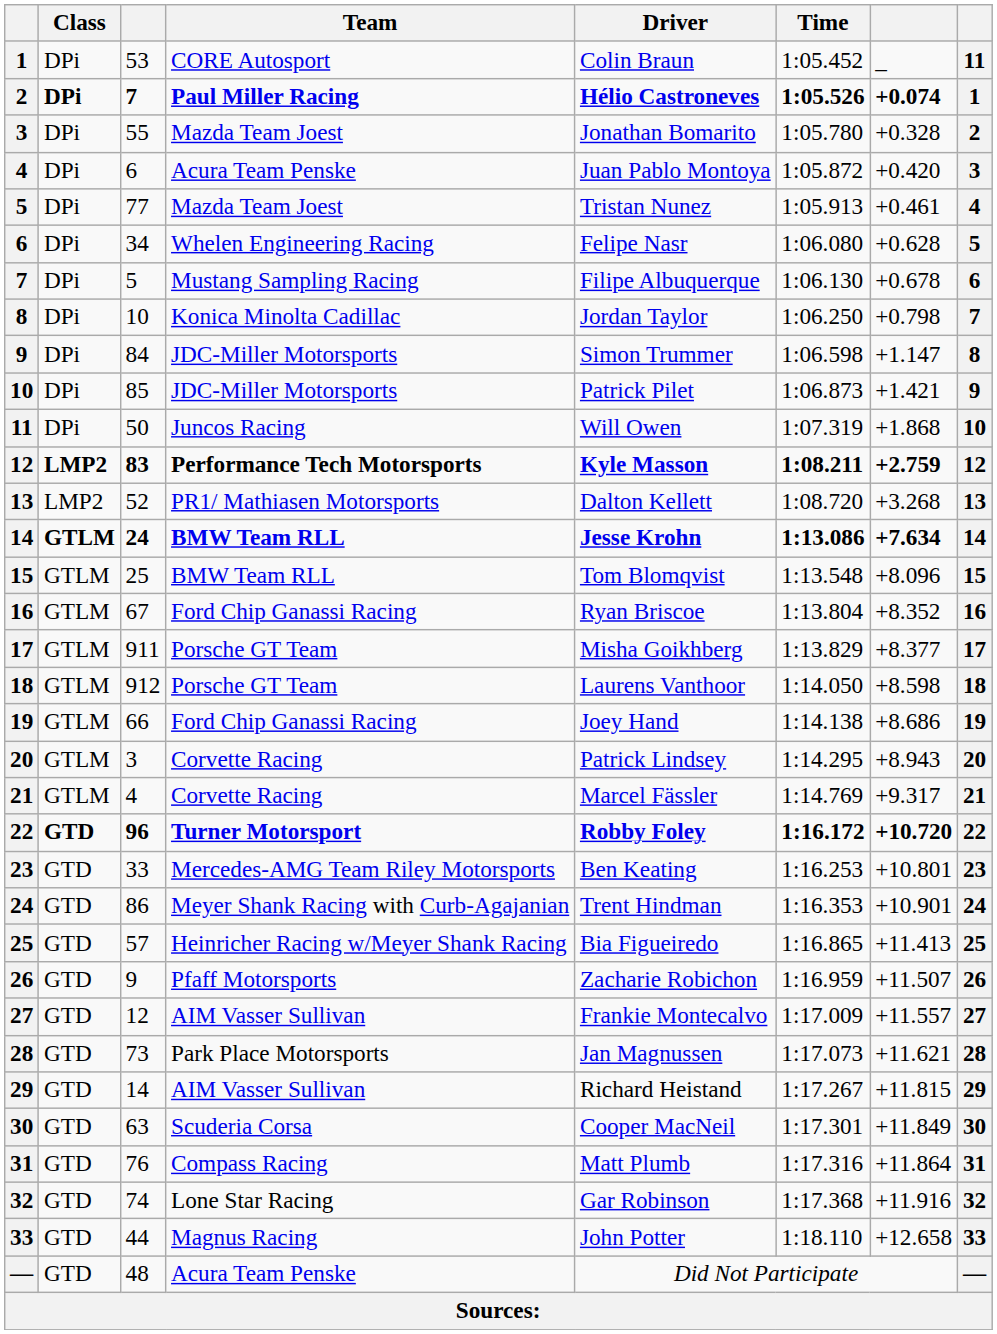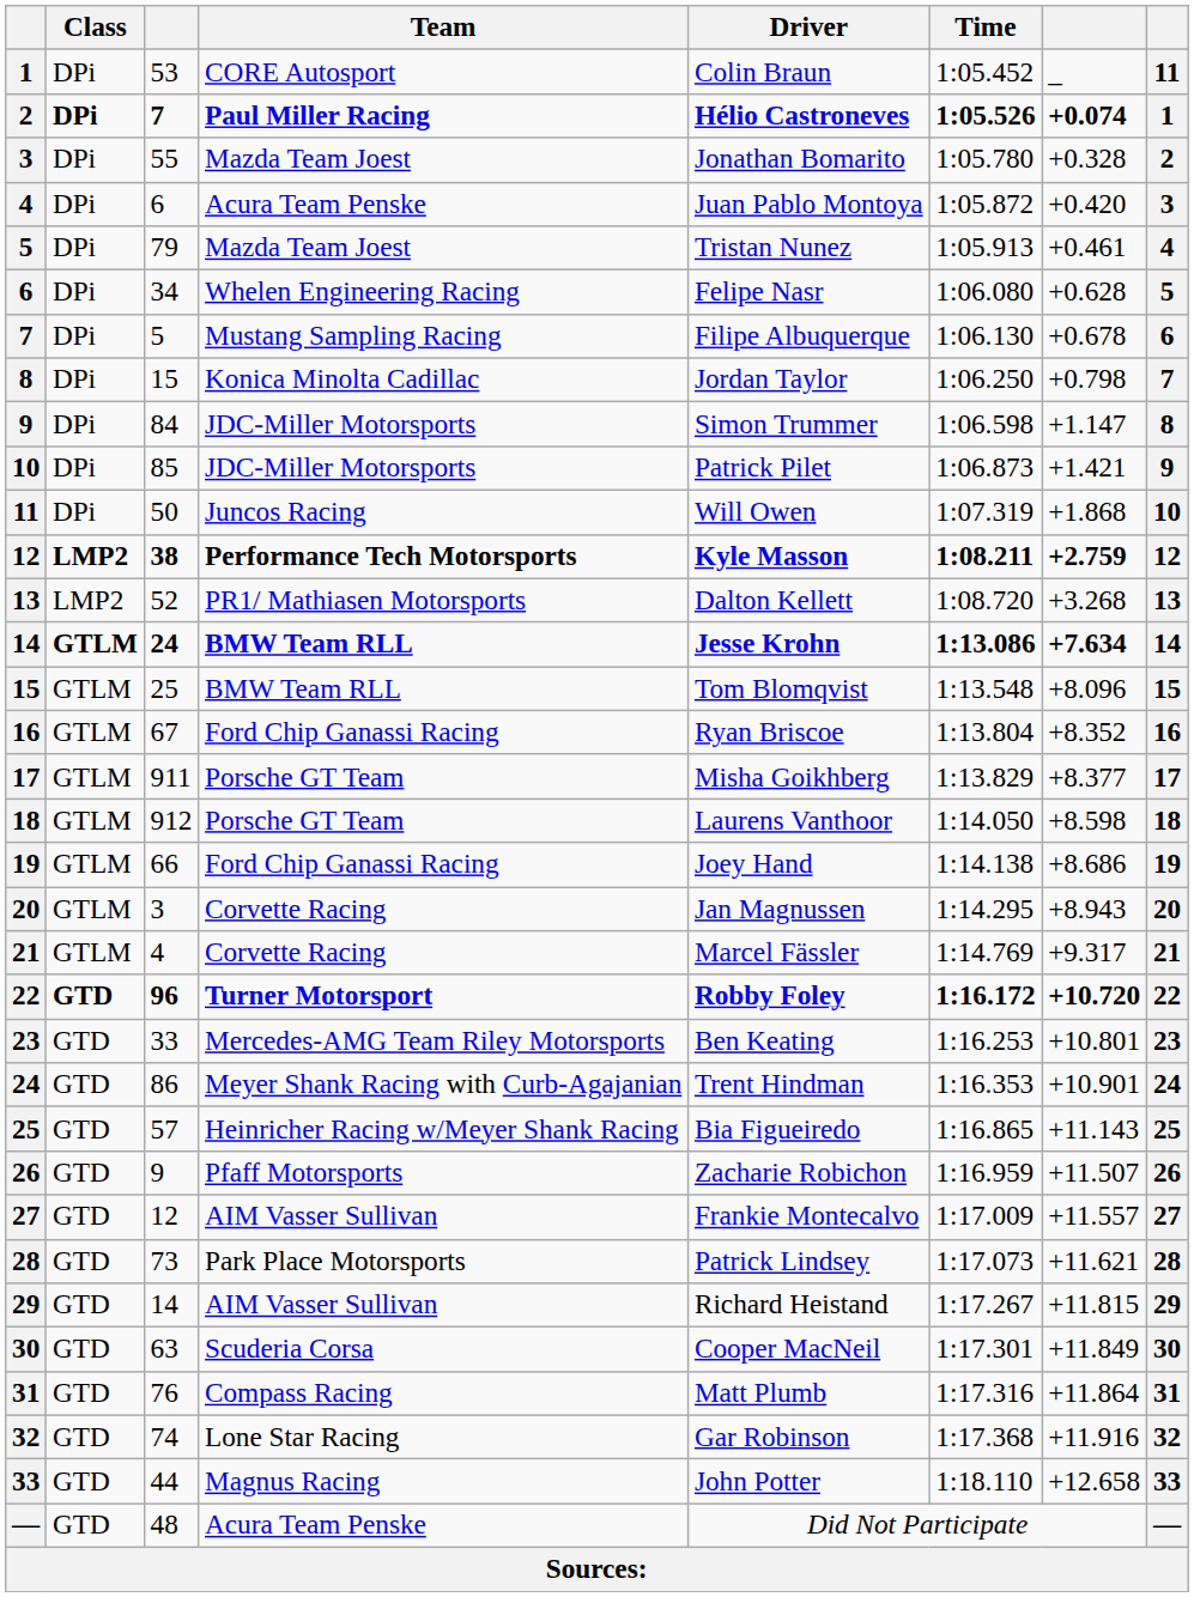 <table class="wikitable">
 <tr>
 <th scope="col"></th>
 <th scope="col">Class</th>
 <th scope="col"></th>
 <th scope="col">Team</th>
 <th scope="col">Driver</th>
 <th scope="col">Time</th>
 <th scope="col"></th>
 <th scope="col"></th>
 </tr>
 <tr>
 <th scope="row">1</th>
 <td>DPi</td>
 <td>53</td>
 <td> <a href='#'>CORE Autosport</a></td>
 <td> <a href='#'>Colin Braun</a></td>
 <td>1:05.452</td>
 <td>_</td>
 <th>11</th>
 </tr>
 <tr style="font-weight:bold">
 <th scope="row">2</th>
 <td>DPi</td>
 <td>7</td>
 <td> <a href='#'>Paul Miller Racing</a></td>
 <td> <a href='#'>Hélio Castroneves</a></td>
 <td>1:05.526</td>
 <td>+0.074</td>
 <th>1</th>
 </tr>
 <tr>
 <th scope="row">3</th>
 <td>DPi</td>
 <td>55</td>
 <td> <a href='#'>Mazda Team Joest</a></td>
 <td> <a href='#'>Jonathan Bomarito</a></td>
 <td>1:05.780</td>
 <td>+0.328</td>
 <th>2</th>
 </tr>
 <tr>
 <th scope="row">4</th>
 <td>DPi</td>
 <td>6</td>
 <td> <a href='#'>Acura Team Penske</a></td>
 <td> <a href='#'>Juan Pablo Montoya</a></td>
 <td>1:05.872</td>
 <td>+0.420</td>
 <th>3</th>
 </tr>
 <tr>
 <th scope="row">5</th>
 <td>DPi</td>
-<td>77</td>
+<td>79</td>
 <td> <a href='#'>Mazda Team Joest</a></td>
 <td> <a href='#'>Tristan Nunez</a></td>
 <td>1:05.913</td>
 <td>+0.461</td>
 <th>4</th>
 </tr>
 <tr>
 <th scope="row">6</th>
 <td>DPi</td>
 <td>34</td>
 <td> <a href='#'>Whelen Engineering Racing</a></td>
 <td> <a href='#'>Felipe Nasr</a></td>
 <td>1:06.080</td>
 <td>+0.628</td>
 <th>5</th>
 </tr>
 <tr>
 <th scope="row">7</th>
 <td>DPi</td>
 <td>5</td>
 <td> <a href='#'>Mustang Sampling Racing</a></td>
 <td> <a href='#'>Filipe Albuquerque</a></td>
 <td>1:06.130</td>
 <td>+0.678</td>
 <th>6</th>
 </tr>
 <tr>
 <th scope="row">8</th>
 <td>DPi</td>
-<td>10</td>
+<td>15</td>
 <td> <a href='#'>Konica Minolta Cadillac</a></td>
 <td> <a href='#'>Jordan Taylor</a></td>
 <td>1:06.250</td>
 <td>+0.798</td>
 <th>7</th>
 </tr>
 <tr>
 <th scope="row">9</th>
 <td>DPi</td>
 <td>84</td>
 <td> <a href='#'>JDC-Miller Motorsports</a></td>
 <td> <a href='#'>Simon Trummer</a></td>
 <td>1:06.598</td>
 <td>+1.147</td>
 <th>8</th>
 </tr>
 <tr>
 <th scope="row">10</th>
 <td>DPi</td>
 <td>85</td>
 <td> <a href='#'>JDC-Miller Motorsports</a></td>
 <td> <a href='#'>Patrick Pilet</a></td>
 <td>1:06.873</td>
 <td>+1.421</td>
 <th>9</th>
 </tr>
 <tr>
 <th scope="row">11</th>
 <td>DPi</td>
 <td>50</td>
 <td> <a href='#'>Juncos Racing</a></td>
 <td> <a href='#'>Will Owen</a></td>
 <td>1:07.319</td>
 <td>+1.868</td>
 <th>10</th>
 </tr>
 <tr style="font-weight:bold">
 <th scope="row">12</th>
 <td>LMP2</td>
-<td>83</td>
+<td>38</td>
 <td> Performance Tech Motorsports</td>
 <td> <a href='#'>Kyle Masson</a></td>
 <td>1:08.211</td>
 <td>+2.759</td>
 <th><strong>12</strong></th>
 </tr>
 <tr>
 <th scope="row">13</th>
 <td>LMP2</td>
 <td>52</td>
 <td> <a href='#'>PR1/ Mathiasen Motorsports</a></td>
 <td> <a href='#'>Dalton Kellett</a></td>
 <td>1:08.720</td>
 <td>+3.268</td>
 <th>13</th>
 </tr>
 <tr style="font-weight:bold">
 <th scope="row">14</th>
 <td>GTLM</td>
 <td>24</td>
 <td> <a href='#'>BMW Team RLL</a></td>
 <td> <a href='#'>Jesse Krohn</a></td>
 <td>1:13.086</td>
 <td>+7.634</td>
 <th><strong>14</strong></th>
 </tr>
 <tr>
 <th scope="row">15</th>
 <td>GTLM</td>
 <td>25</td>
 <td> <a href='#'>BMW Team RLL</a></td>
 <td> <a href='#'>Tom Blomqvist</a></td>
 <td>1:13.548</td>
 <td>+8.096</td>
 <th>15</th>
 </tr>
 <tr>
 <th scope="row">16</th>
 <td>GTLM</td>
 <td>67</td>
 <td> <a href='#'>Ford Chip Ganassi Racing</a></td>
 <td> <a href='#'>Ryan Briscoe</a></td>
 <td>1:13.804</td>
 <td>+8.352</td>
 <th>16</th>
 </tr>
 <tr>
 <th scope="row">17</th>
 <td>GTLM</td>
 <td>911</td>
 <td> <a href='#'>Porsche GT Team</a></td>
 <td> <a href='#'>Misha Goikhberg</a></td>
 <td>1:13.829</td>
 <td>+8.377</td>
 <th>17</th>
 </tr>
 <tr>
 <th scope="row">18</th>
 <td>GTLM</td>
 <td>912</td>
 <td> <a href='#'>Porsche GT Team</a></td>
 <td> <a href='#'>Laurens Vanthoor</a></td>
 <td>1:14.050</td>
 <td>+8.598</td>
 <th>18</th>
 </tr>
 <tr>
 <th scope="row">19</th>
 <td>GTLM</td>
 <td>66</td>
 <td> <a href='#'>Ford Chip Ganassi Racing</a></td>
 <td> <a href='#'>Joey Hand</a></td>
 <td>1:14.138</td>
 <td>+8.686</td>
 <th>19</th>
 </tr>
 <tr>
 <th scope="row">20</th>
 <td>GTLM</td>
 <td>3</td>
 <td> <a href='#'>Corvette Racing</a></td>
-<td> <a href='#'>Patrick Lindsey</a></td>
+<td> <a href='#'>Jan Magnussen</a></td>
 <td>1:14.295</td>
 <td>+8.943</td>
 <th>20</th>
 </tr>
 <tr>
 <th scope="row">21</th>
 <td>GTLM</td>
 <td>4</td>
 <td> <a href='#'>Corvette Racing</a></td>
 <td> <a href='#'>Marcel Fässler</a></td>
 <td>1:14.769</td>
 <td>+9.317</td>
 <th>21</th>
 </tr>
 <tr style="font-weight:bold">
 <th scope="row">22</th>
 <td>GTD</td>
 <td>96</td>
 <td> <a href='#'>Turner Motorsport</a></td>
 <td> <a href='#'>Robby Foley</a></td>
 <td>1:16.172</td>
 <td>+10.720</td>
 <th><strong>22</strong></th>
 </tr>
 <tr>
 <th scope="row">23</th>
 <td>GTD</td>
 <td>33</td>
 <td> <a href='#'>Mercedes-AMG Team Riley Motorsports</a></td>
 <td> <a href='#'>Ben Keating</a></td>
 <td>1:16.253</td>
 <td>+10.801</td>
 <th>23</th>
 </tr>
 <tr>
 <th scope="row">24</th>
 <td>GTD</td>
 <td>86</td>
 <td> <a href='#'>Meyer Shank Racing</a> with <a href='#'>Curb-Agajanian</a></td>
 <td> <a href='#'>Trent Hindman</a></td>
 <td>1:16.353</td>
 <td>+10.901</td>
 <th>24</th>
 </tr>
 <tr>
 <th scope="row">25</th>
 <td>GTD</td>
 <td>57</td>
 <td> <a href='#'>Heinricher Racing w/Meyer Shank Racing</a></td>
 <td> <a href='#'>Bia Figueiredo</a></td>
 <td>1:16.865</td>
-<td>+11.413</td>
+<td>+11.143</td>
 <th>25</th>
 </tr>
 <tr>
 <th scope="row">26</th>
 <td>GTD</td>
 <td>9</td>
 <td> <a href='#'>Pfaff Motorsports</a></td>
 <td> <a href='#'>Zacharie Robichon</a></td>
 <td>1:16.959</td>
 <td>+11.507</td>
 <th>26</th>
 </tr>
 <tr>
 <th scope="row">27</th>
 <td>GTD</td>
 <td>12</td>
 <td> <a href='#'>AIM Vasser Sullivan</a></td>
 <td> <a href='#'>Frankie Montecalvo</a></td>
 <td>1:17.009</td>
 <td>+11.557</td>
 <th>27</th>
 </tr>
 <tr>
 <th scope="row">28</th>
 <td>GTD</td>
 <td>73</td>
 <td> Park Place Motorsports</td>
-<td> <a href='#'>Jan Magnussen</a></td>
+<td> <a href='#'>Patrick Lindsey</a></td>
 <td>1:17.073</td>
 <td>+11.621</td>
 <th>28</th>
 </tr>
 <tr>
 <th scope="row">29</th>
 <td>GTD</td>
 <td>14</td>
 <td> <a href='#'>AIM Vasser Sullivan</a></td>
 <td> Richard Heistand</td>
 <td>1:17.267</td>
 <td>+11.815</td>
 <th>29</th>
 </tr>
 <tr>
 <th scope="row">30</th>
 <td>GTD</td>
 <td>63</td>
 <td> <a href='#'>Scuderia Corsa</a></td>
 <td> <a href='#'>Cooper MacNeil</a></td>
 <td>1:17.301</td>
 <td>+11.849</td>
 <th>30</th>
 </tr>
 <tr>
 <th scope="row">31</th>
 <td>GTD</td>
 <td>76</td>
 <td> <a href='#'>Compass Racing</a></td>
 <td> <a href='#'>Matt Plumb</a></td>
 <td>1:17.316</td>
 <td>+11.864</td>
 <th>31</th>
 </tr>
 <tr>
 <th scope="row">32</th>
 <td>GTD</td>
 <td>74</td>
 <td> Lone Star Racing</td>
 <td> <a href='#'>Gar Robinson</a></td>
 <td>1:17.368</td>
 <td>+11.916</td>
 <th>32</th>
 </tr>
 <tr>
 <th scope="row">33</th>
 <td>GTD</td>
 <td>44</td>
 <td> <a href='#'>Magnus Racing</a></td>
 <td> <a href='#'>John Potter</a></td>
 <td>1:18.110</td>
 <td>+12.658</td>
 <th>33</th>
 </tr>
 <tr>
 <th scope="row">—</th>
 <td>GTD</td>
 <td>48</td>
 <td> <a href='#'>Acura Team Penske</a></td>
 <td colspan=3 align=center><em>Did Not Participate</em></td>
 <th>—</th>
 </tr>
 <tr>
 <th colspan="8">Sources:</th>
 </tr>
 <tr>
 </tr>
 </table>
